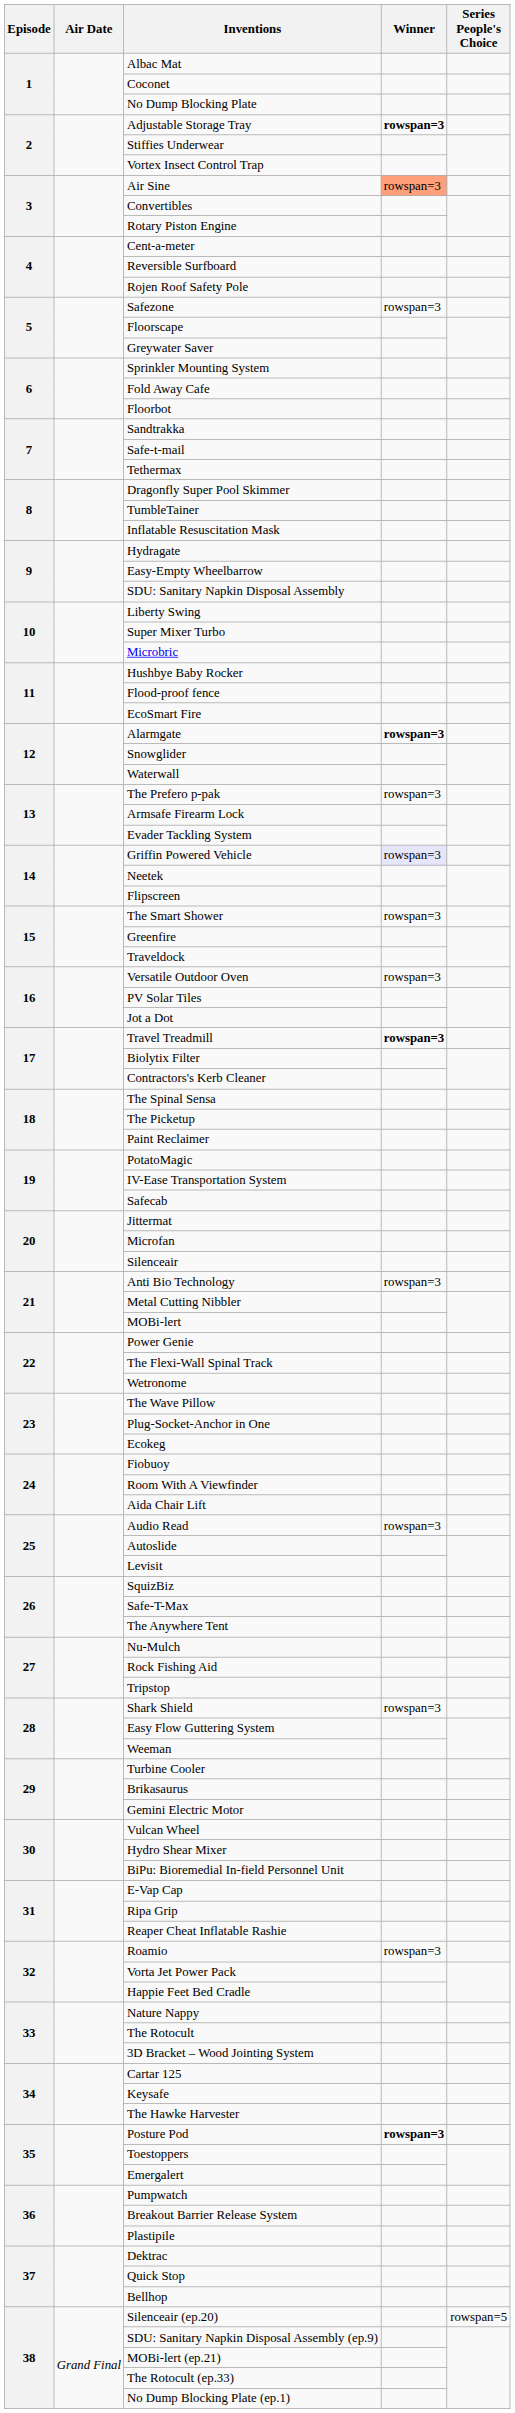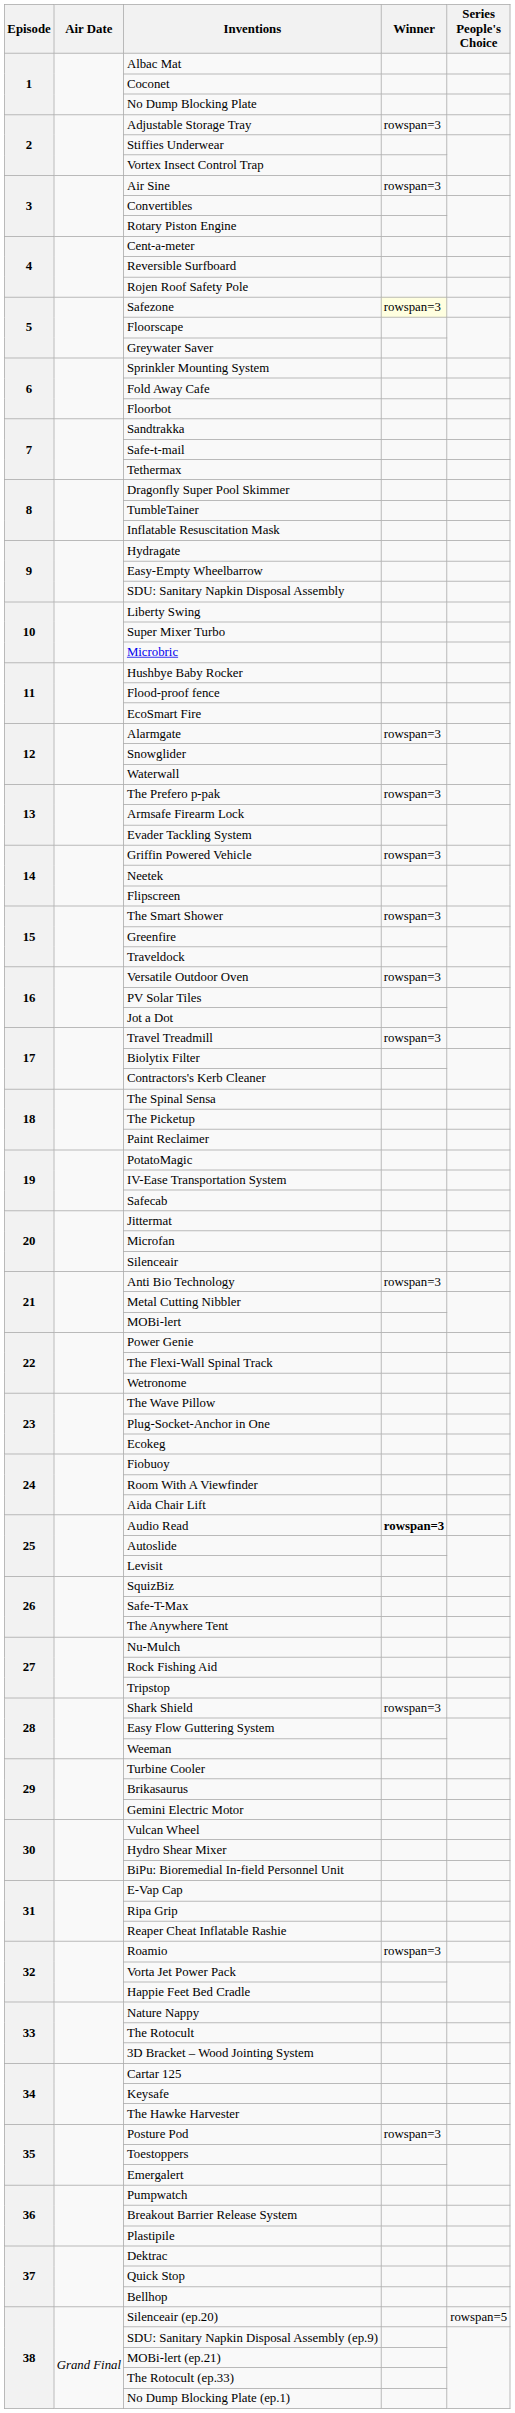 <table class="wikitable">
 <tr>
 <th>Episode</th>
 <th>Air Date</th>
 <th>Inventions</th>
 <th>Winner</th>
 <th>Series<br>People's<br>Choice </th>
 </tr>
 <tr>
 <th scope=row rowspan=3>1</th>
 <td rowspan=3></td>
 <td>Albac Mat</td>
 <td></td>
 <td></td>
 </tr>
 <tr>
 <td>Coconet</td>
 <td></td>
 <td></td>
 </tr>
 <tr>
 <td>No Dump Blocking Plate</td>
 <td></td>
 <td></td>
 </tr>
 <tr>
 <th scope=row rowspan=3>2</th>
 <td rowspan=3></td>
 <td>Adjustable Storage Tray</td>
-<td><strong>rowspan=3 </strong></td>
+<td>rowspan=3 </td>
 <td></td>
 </tr>
 <tr>
 <td>Stiffies Underwear</td>
 <td></td>
 </tr>
 <tr>
 <td>Vortex Insect Control Trap</td>
 <td></td>
 </tr>
 <tr>
 <th scope=row rowspan=3>3</th>
 <td rowspan=3></td>
 <td>Air Sine</td>
-<td style="background: lightsalmon;">rowspan=3 </td>
+<td>rowspan=3 </td>
 <td></td>
 </tr>
 <tr>
 <td>Convertibles</td>
 <td></td>
 </tr>
 <tr>
 <td>Rotary Piston Engine</td>
 <td></td>
 </tr>
 <tr>
 <th scope=row rowspan=3>4</th>
 <td rowspan=3></td>
 <td>Cent-a-meter</td>
 <td></td>
 <td></td>
 </tr>
 <tr>
 <td>Reversible Surfboard</td>
 <td></td>
 <td></td>
 </tr>
 <tr>
 <td>Rojen Roof Safety Pole</td>
 <td></td>
 <td></td>
 </tr>
 <tr>
 <th scope=row rowspan=3>5</th>
 <td rowspan=3></td>
 <td>Safezone</td>
-<td>rowspan=3 </td>
+<td style="background: lightyellow;">rowspan=3 </td>
 <td></td>
 </tr>
 <tr>
 <td>Floorscape</td>
 <td></td>
 </tr>
 <tr>
 <td>Greywater Saver</td>
 <td></td>
 </tr>
 <tr>
 <th scope=row rowspan=3>6</th>
 <td rowspan=3></td>
 <td>Sprinkler Mounting System</td>
 <td></td>
 <td></td>
 </tr>
 <tr>
 <td>Fold Away Cafe</td>
 <td></td>
 <td></td>
 </tr>
 <tr>
 <td>Floorbot</td>
 <td></td>
 <td></td>
 </tr>
 <tr>
 <th scope=row rowspan=3>7</th>
 <td rowspan=3></td>
 <td>Sandtrakka</td>
 <td></td>
 <td></td>
 </tr>
 <tr>
 <td>Safe-t-mail</td>
 <td></td>
 <td></td>
 </tr>
 <tr>
 <td>Tethermax</td>
 <td></td>
 <td></td>
 </tr>
 <tr>
 <th scope=row rowspan=3>8</th>
 <td rowspan=3></td>
 <td>Dragonfly Super Pool Skimmer </td>
 <td></td>
 <td></td>
 </tr>
 <tr>
 <td>TumbleTainer</td>
 <td></td>
 <td></td>
 </tr>
 <tr>
 <td>Inflatable Resuscitation Mask</td>
 <td></td>
 <td></td>
 </tr>
 <tr>
 <th scope=row rowspan=3>9</th>
 <td rowspan=3></td>
 <td>Hydragate</td>
 <td></td>
 <td></td>
 </tr>
 <tr>
 <td>Easy-Empty Wheelbarrow</td>
 <td></td>
 <td></td>
 </tr>
 <tr>
 <td>SDU: Sanitary Napkin Disposal Assembly</td>
 <td></td>
 <td></td>
 </tr>
 <tr>
 <th scope=row rowspan=3>10</th>
 <td rowspan=3></td>
 <td>Liberty Swing</td>
 <td></td>
 <td></td>
 </tr>
 <tr>
 <td>Super Mixer Turbo</td>
 <td></td>
 <td></td>
 </tr>
 <tr>
 <td><a href='#'>Microbric</a></td>
 <td></td>
 <td></td>
 </tr>
 <tr>
 <th scope=row rowspan=3>11</th>
 <td rowspan=3></td>
 <td>Hushbye Baby Rocker</td>
 <td></td>
 <td></td>
 </tr>
 <tr>
 <td>Flood-proof fence</td>
 <td></td>
 <td></td>
 </tr>
 <tr>
 <td>EcoSmart Fire</td>
 <td></td>
 <td></td>
 </tr>
 <tr>
 <th scope=row rowspan=3>12</th>
 <td rowspan=3></td>
 <td>Alarmgate</td>
-<td><strong>rowspan=3 </strong></td>
+<td>rowspan=3 </td>
 <td></td>
 </tr>
 <tr>
 <td>Snowglider</td>
 <td></td>
 </tr>
 <tr>
 <td>Waterwall</td>
 <td></td>
 </tr>
 <tr>
 <th scope=row rowspan=3>13</th>
 <td rowspan=3></td>
 <td>The Prefero p-pak</td>
 <td>rowspan=3 </td>
 <td></td>
 </tr>
 <tr>
 <td>Armsafe Firearm Lock</td>
 <td></td>
 </tr>
 <tr>
 <td>Evader Tackling System</td>
 <td></td>
 </tr>
 <tr>
 <th scope=row rowspan=3>14</th>
 <td rowspan=3></td>
 <td>Griffin Powered Vehicle</td>
-<td style="background: lavender;">rowspan=3 </td>
+<td>rowspan=3 </td>
 <td></td>
 </tr>
 <tr>
 <td>Neetek</td>
 <td></td>
 </tr>
 <tr>
 <td>Flipscreen</td>
 <td></td>
 </tr>
 <tr>
 <th scope=row rowspan=3>15</th>
 <td rowspan=3></td>
 <td>The Smart Shower</td>
 <td>rowspan=3 </td>
 <td></td>
 </tr>
 <tr>
 <td>Greenfire</td>
 <td></td>
 </tr>
 <tr>
 <td>Traveldock</td>
 <td></td>
 </tr>
 <tr>
 <th scope=row rowspan=3>16</th>
 <td rowspan=3></td>
 <td>Versatile Outdoor Oven</td>
 <td>rowspan=3 </td>
 <td></td>
 </tr>
 <tr>
 <td>PV Solar Tiles</td>
 <td></td>
 </tr>
 <tr>
 <td>Jot a Dot</td>
 <td></td>
 </tr>
 <tr>
 <th scope=row rowspan=3>17</th>
 <td rowspan=3></td>
 <td>Travel Treadmill</td>
-<td><strong>rowspan=3 </strong></td>
+<td>rowspan=3 </td>
 <td></td>
 </tr>
 <tr>
 <td>Biolytix Filter</td>
 <td></td>
 </tr>
 <tr>
 <td>Contractors's Kerb Cleaner</td>
 <td></td>
 </tr>
 <tr>
 <th scope=row rowspan=3>18</th>
 <td rowspan=3></td>
 <td>The Spinal Sensa</td>
 <td></td>
 <td></td>
 </tr>
 <tr>
 <td>The Picketup</td>
 <td></td>
 <td></td>
 </tr>
 <tr>
 <td>Paint Reclaimer</td>
 <td></td>
 <td></td>
 </tr>
 <tr>
 <th scope=row rowspan=3>19</th>
 <td rowspan=3></td>
 <td>PotatoMagic</td>
 <td></td>
 <td></td>
 </tr>
 <tr>
 <td>IV-Ease Transportation System</td>
 <td></td>
 <td></td>
 </tr>
 <tr>
 <td>Safecab</td>
 <td></td>
 <td></td>
 </tr>
 <tr>
 <th scope=row rowspan=3>20</th>
 <td rowspan=3></td>
 <td>Jittermat</td>
 <td></td>
 <td></td>
 </tr>
 <tr>
 <td>Microfan</td>
 <td></td>
 <td></td>
 </tr>
 <tr>
 <td>Silenceair</td>
 <td></td>
 <td></td>
 </tr>
 <tr>
 <th scope=row rowspan=3>21</th>
 <td rowspan=3></td>
 <td>Anti Bio Technology</td>
 <td>rowspan=3 </td>
 <td></td>
 </tr>
 <tr>
 <td>Metal Cutting Nibbler</td>
 <td></td>
 </tr>
 <tr>
 <td>MOBi-lert</td>
 <td></td>
 </tr>
 <tr>
 <th scope=row rowspan=3>22</th>
 <td rowspan=3></td>
 <td>Power Genie</td>
 <td></td>
 <td></td>
 </tr>
 <tr>
 <td>The Flexi-Wall Spinal Track</td>
 <td></td>
 <td></td>
 </tr>
 <tr>
 <td>Wetronome</td>
 <td></td>
 <td></td>
 </tr>
 <tr>
 <th scope=row rowspan=3>23</th>
 <td rowspan=3></td>
 <td>The Wave Pillow</td>
 <td></td>
 <td></td>
 </tr>
 <tr>
 <td>Plug-Socket-Anchor in One</td>
 <td></td>
 <td></td>
 </tr>
 <tr>
 <td>Ecokeg</td>
 <td></td>
 <td></td>
 </tr>
 <tr>
 <th scope=row rowspan=3>24</th>
 <td rowspan=3></td>
 <td>Fiobuoy</td>
 <td></td>
 <td></td>
 </tr>
 <tr>
 <td>Room With A Viewfinder</td>
 <td></td>
 <td></td>
 </tr>
 <tr>
 <td>Aida Chair Lift</td>
 <td></td>
 <td></td>
 </tr>
 <tr>
 <th scope=row rowspan=3>25</th>
 <td rowspan=3></td>
 <td>Audio Read</td>
-<td>rowspan=3 </td>
+<td><strong>rowspan=3 </strong></td>
 <td></td>
 </tr>
 <tr>
 <td>Autoslide</td>
 <td></td>
 </tr>
 <tr>
 <td>Levisit</td>
 <td></td>
 </tr>
 <tr>
 <th scope=row rowspan=3>26</th>
 <td rowspan=3></td>
 <td>SquizBiz</td>
 <td></td>
 <td></td>
 </tr>
 <tr>
 <td>Safe-T-Max</td>
 <td></td>
 <td></td>
 </tr>
 <tr>
 <td>The Anywhere Tent</td>
 <td></td>
 <td></td>
 </tr>
 <tr>
 <th scope=row rowspan=3>27</th>
 <td rowspan=3></td>
 <td>Nu-Mulch</td>
 <td></td>
 <td></td>
 </tr>
 <tr>
 <td>Rock Fishing Aid</td>
 <td></td>
 <td></td>
 </tr>
 <tr>
 <td>Tripstop</td>
 <td></td>
 <td></td>
 </tr>
 <tr>
 <th scope=row rowspan=3>28</th>
 <td rowspan=3></td>
 <td>Shark Shield</td>
 <td>rowspan=3 </td>
 <td></td>
 </tr>
 <tr>
 <td>Easy Flow Guttering System</td>
 <td></td>
 </tr>
 <tr>
 <td>Weeman</td>
 <td></td>
 </tr>
 <tr>
 <th scope=row rowspan=3>29</th>
 <td rowspan=3></td>
 <td>Turbine Cooler</td>
 <td></td>
 <td></td>
 </tr>
 <tr>
 <td>Brikasaurus</td>
 <td></td>
 <td></td>
 </tr>
 <tr>
 <td>Gemini Electric Motor</td>
 <td></td>
 <td></td>
 </tr>
 <tr>
 <th scope=row rowspan=3>30</th>
 <td rowspan=3></td>
 <td>Vulcan Wheel</td>
 <td></td>
 <td></td>
 </tr>
 <tr>
 <td>Hydro Shear Mixer</td>
 <td></td>
 <td></td>
 </tr>
 <tr>
 <td>BiPu: Bioremedial In-field Personnel Unit</td>
 <td></td>
 <td></td>
 </tr>
 <tr>
 <th scope=row rowspan=3>31</th>
 <td rowspan=3></td>
 <td>E-Vap Cap</td>
 <td></td>
 <td></td>
 </tr>
 <tr>
 <td>Ripa Grip</td>
 <td></td>
 <td></td>
 </tr>
 <tr>
 <td>Reaper Cheat Inflatable Rashie</td>
 <td></td>
 <td></td>
 </tr>
 <tr>
 <th scope=row rowspan=3>32</th>
 <td rowspan=3></td>
 <td>Roamio</td>
 <td>rowspan=3 </td>
 <td></td>
 </tr>
 <tr>
 <td>Vorta Jet Power Pack</td>
 <td></td>
 </tr>
 <tr>
 <td>Happie Feet Bed Cradle</td>
 <td></td>
 </tr>
 <tr>
 <th scope=row rowspan=3>33</th>
 <td rowspan=3></td>
 <td>Nature Nappy</td>
 <td></td>
 <td></td>
 </tr>
 <tr>
 <td>The Rotocult</td>
 <td></td>
 <td></td>
 </tr>
 <tr>
 <td>3D Bracket – Wood Jointing System</td>
 <td></td>
 <td></td>
 </tr>
 <tr>
 <th scope=row rowspan=3>34</th>
 <td rowspan=3></td>
 <td>Cartar 125</td>
 <td></td>
 <td></td>
 </tr>
 <tr>
 <td>Keysafe</td>
 <td></td>
 <td></td>
 </tr>
 <tr>
 <td>The Hawke Harvester</td>
 <td></td>
 <td></td>
 </tr>
 <tr>
 <th scope=row rowspan=3>35</th>
 <td rowspan=3></td>
 <td>Posture Pod</td>
-<td><strong>rowspan=3 </strong></td>
+<td>rowspan=3 </td>
 <td></td>
 </tr>
 <tr>
 <td>Toestoppers</td>
 <td></td>
 </tr>
 <tr>
 <td>Emergalert</td>
 <td></td>
 </tr>
 <tr>
 <th scope=row rowspan=3>36</th>
 <td rowspan=3></td>
 <td>Pumpwatch</td>
 <td></td>
 <td></td>
 </tr>
 <tr>
 <td>Breakout Barrier Release System</td>
 <td></td>
 <td></td>
 </tr>
 <tr>
 <td>Plastipile</td>
 <td></td>
 <td></td>
 </tr>
 <tr>
 <th scope=row rowspan=3>37</th>
 <td rowspan=3></td>
 <td>Dektrac</td>
 <td></td>
 <td></td>
 </tr>
 <tr>
 <td>Quick Stop</td>
 <td></td>
 <td></td>
 </tr>
 <tr>
 <td>Bellhop</td>
 <td></td>
 <td></td>
 </tr>
 <tr>
 <th scope=row rowspan=5>38</th>
 <td rowspan=5><br><em>Grand Final</em></td>
 <td>Silenceair (ep.20)</td>
 <td></td>
 <td>rowspan=5 </td>
 </tr>
 <tr>
 <td>SDU: Sanitary Napkin Disposal Assembly (ep.9)</td>
 <td></td>
 </tr>
 <tr>
 <td>MOBi-lert (ep.21)</td>
 <td></td>
 </tr>
 <tr>
 <td>The Rotocult (ep.33)</td>
 <td></td>
 </tr>
 <tr>
 <td>No Dump Blocking Plate (ep.1)</td>
 <td></td>
 </tr>
 </table>
